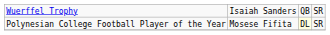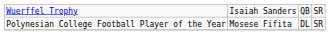 <table class="wikitable">
 <tr>
 <td><a href='#'>Wuerffel Trophy</a></td>
 <td>Isaiah Sanders</td>
 <td align=center>QB</td>
 <td align=center>SR</td>
 </tr>
 <tr>
 <td>Polynesian College Football Player of the Year</td>
 <td>Mosese Fifita</td>
-<td align=center style="background: lightyellow;">DL</td>
+<td align=center>DL</td>
 <td align=center>SR</td>
 </tr>
 <tr>
 </tr>
 </table>
